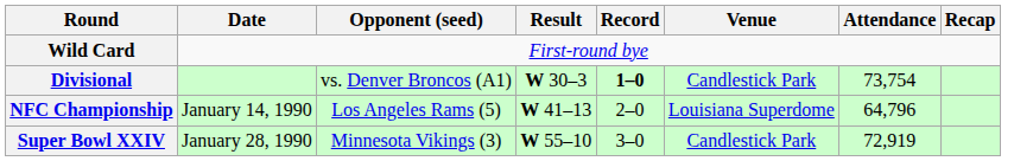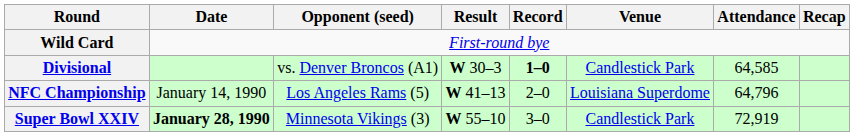 <table class="wikitable" style="text-align:center">
 <tr>
 <th>Round</th>
 <th>Date</th>
 <th>Opponent (seed)</th>
 <th>Result</th>
 <th>Record</th>
 <th>Venue</th>
 <th>Attendance</th>
 <th>Recap</th>
 </tr>
 <tr>
 <th>Wild Card</th>
 <td colspan="7"><em><a href='#'>First-round bye</a></em></td>
 </tr>
 <tr style="background:#cfc">
 <th><a href='#'>Divisional</a></th>
 <td></td>
 <td>vs. <a href='#'>Denver Broncos</a> (A1)</td>
 <td><strong>W</strong> 30–3</td>
 <td><strong>1–0</strong></td>
 <td><a href='#'>Candlestick Park</a></td>
-<td>73,754</td>
+<td>64,585</td>
 <td></td>
 </tr>
 <tr style="background: #cfc; text-align: center">
 <th><a href='#'>NFC Championship</a></th>
 <td>January 14, 1990</td>
 <td><a href='#'>Los Angeles Rams</a> (5)</td>
 <td><strong>W</strong> 41–13</td>
 <td>2–0</td>
 <td><a href='#'>Louisiana Superdome</a></td>
 <td>64,796</td>
 <td></td>
 </tr>
 <tr style="background: #cfc; text-align: center">
 <th><a href='#'>Super Bowl XXIV</a></th>
-<td>January 28, 1990</td>
+<td><strong>January 28, 1990</strong></td>
 <td><a href='#'>Minnesota Vikings</a> (3)</td>
 <td><strong>W</strong> 55–10</td>
 <td>3–0</td>
 <td><a href='#'>Candlestick Park</a></td>
 <td>72,919</td>
 <td></td>
 </tr>
 </table>
